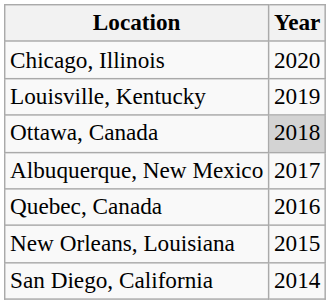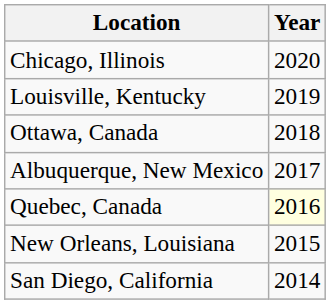 <table class="wikitable">
 <tr>
 <th>Location</th>
 <th>Year</th>
 </tr>
 <tr>
 <td>Chicago, Illinois</td>
 <td>2020</td>
 </tr>
 <tr>
 <td>Louisville, Kentucky</td>
 <td>2019</td>
 </tr>
 <tr>
 <td>Ottawa, Canada</td>
-<td style="background: lightgrey;">2018</td>
+<td>2018</td>
 </tr>
 <tr>
 <td>Albuquerque, New Mexico</td>
 <td>2017</td>
 </tr>
 <tr>
 <td>Quebec, Canada</td>
-<td>2016</td>
+<td style="background: lightyellow;">2016</td>
 </tr>
 <tr>
 <td>New Orleans, Louisiana</td>
 <td>2015</td>
 </tr>
 <tr>
 <td>San Diego, California</td>
 <td>2014</td>
 </tr>
 </table>
